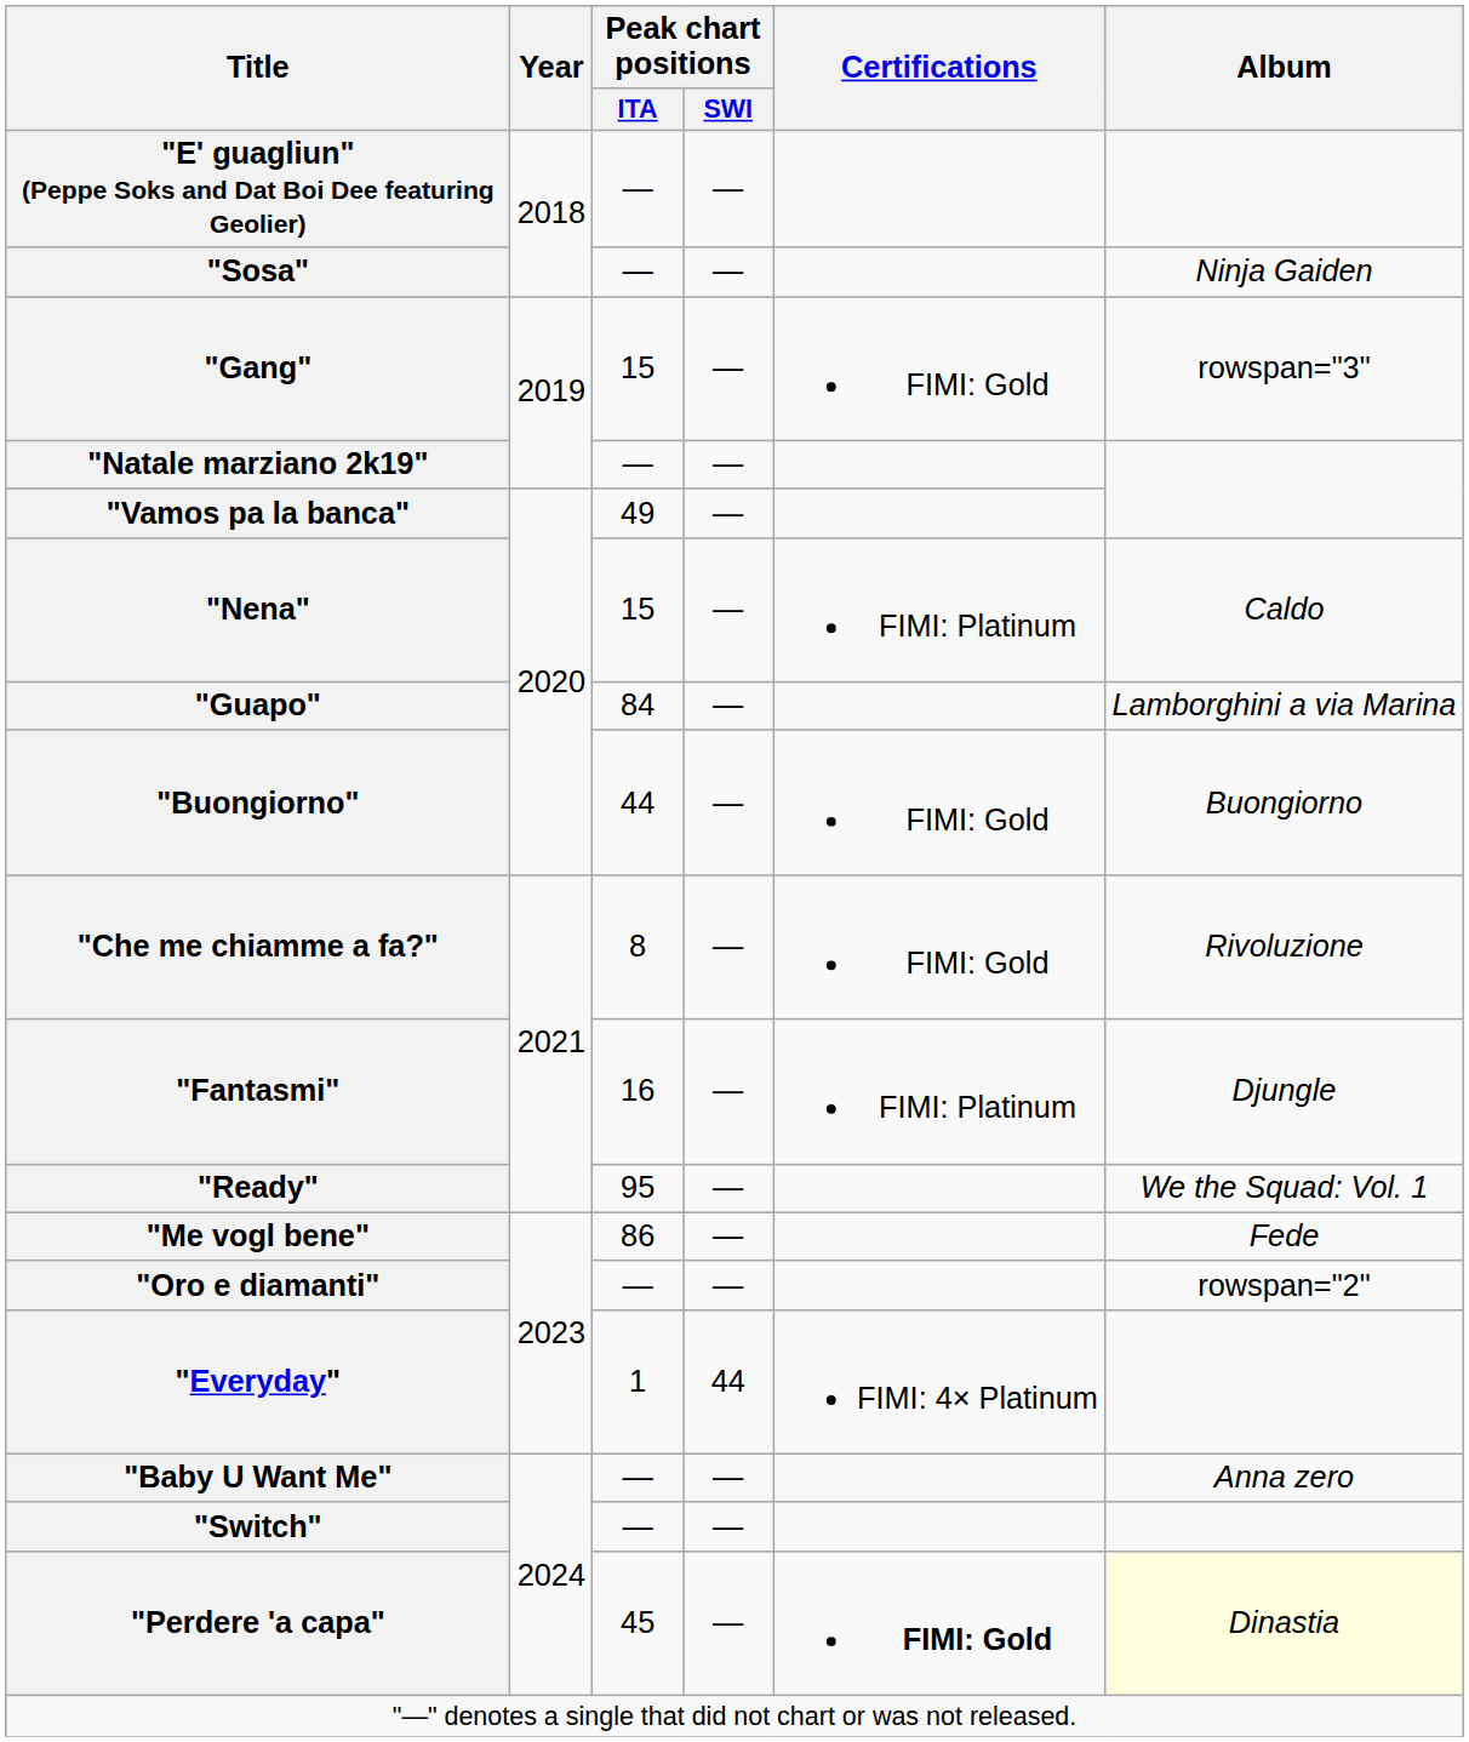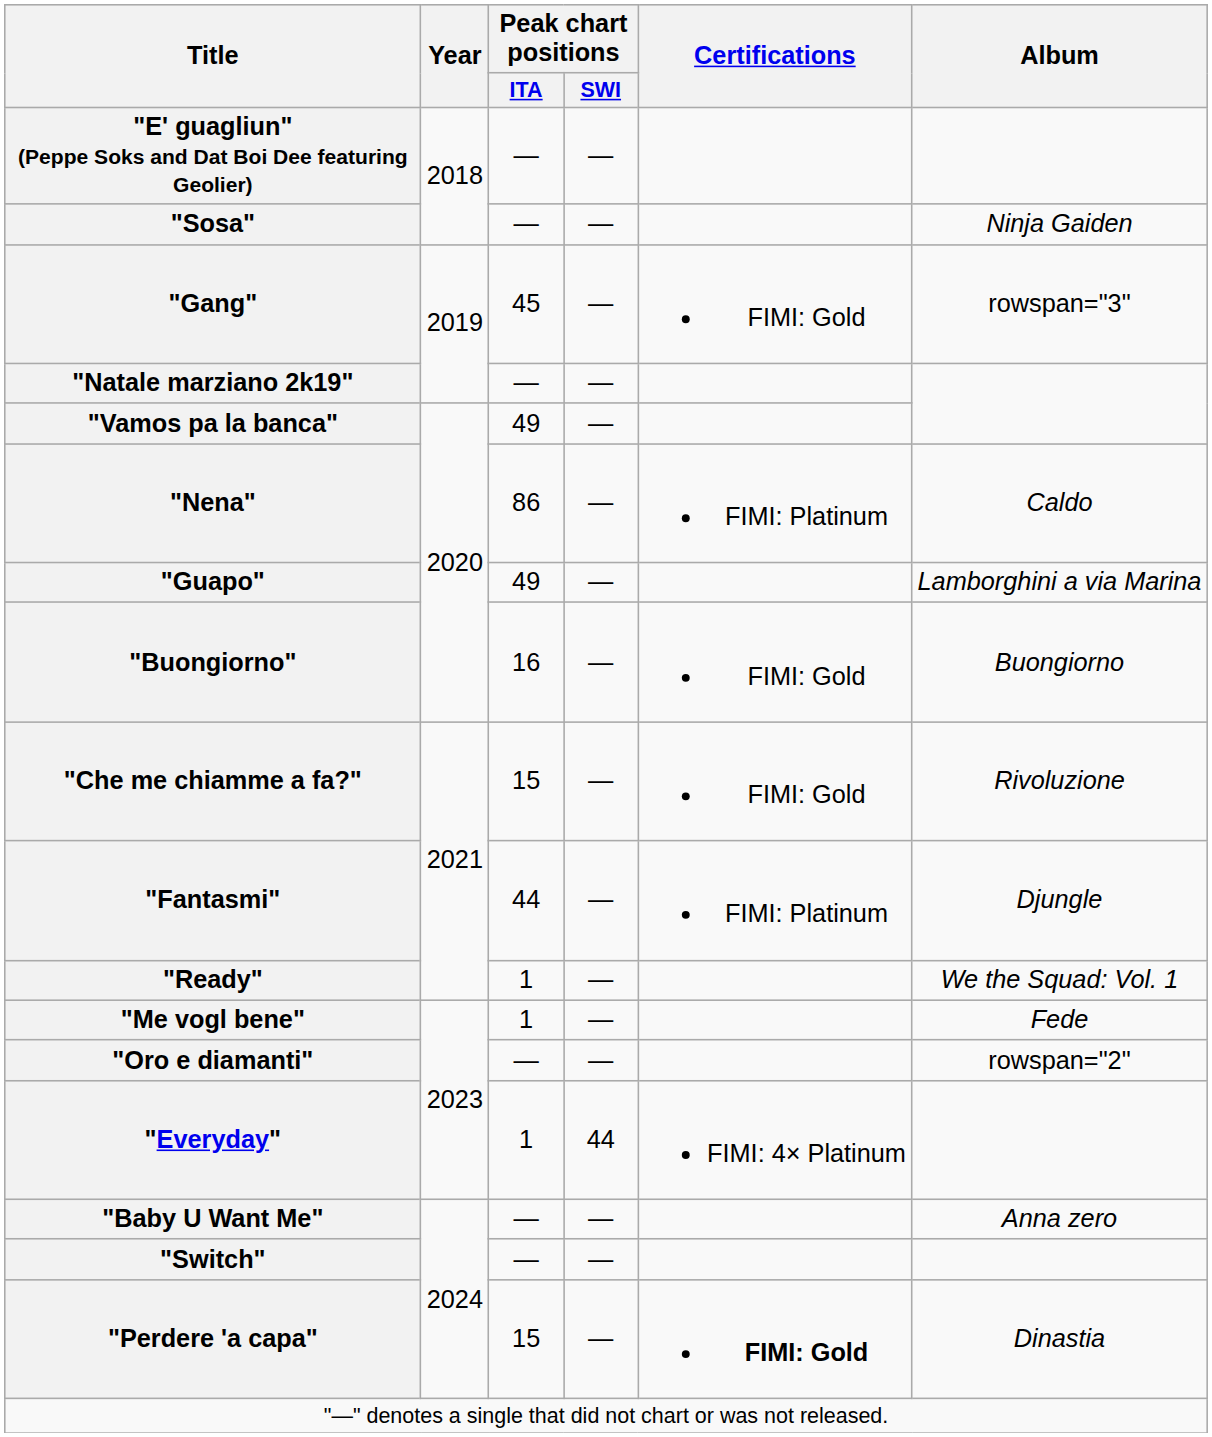 <table class="wikitable plainrowheaders" style="text-align:center;">
 <tr>
 <th scope="col" rowspan="2" style="width:16em;">Title</th>
 <th scope="col" rowspan="2" style="width:1em;">Year</th>
 <th scope="col" colspan="2">Peak chart positions</th>
 <th scope="col" rowspan="2"><a href='#'>Certifications</a></th>
 <th scope="col" rowspan="2">Album</th>
 </tr>
 <tr>
 <th scope="col" style="width:3em;font-size:85%;"><a href='#'>ITA</a><br></th>
 <th scope="col" style="width:3em;font-size:85%;"><a href='#'>SWI</a><br></th>
 </tr>
 <tr>
 <th scope="row">"E' guagliun"<br><small>(Peppe Soks and Dat Boi Dee featuring Geolier)</small></th>
 <td rowspan="2">2018</td>
 <td>—</td>
 <td>—</td>
 <td></td>
 <td></td>
 </tr>
 <tr>
 <th scope="row">"Sosa"<br></th>
 <td>—</td>
 <td>—</td>
 <td></td>
 <td><em>Ninja Gaiden</em></td>
 </tr>
 <tr>
 <th scope="row">"Gang"<br></th>
 <td rowspan="2">2019</td>
-<td>15</td>
+<td>45</td>
 <td>—</td>
 <td><br><ul><li>FIMI: Gold</li></ul></td>
 <td>rowspan="3" </td>
 </tr>
 <tr>
 <th scope="row">"Natale marziano 2k19"<br></th>
 <td>—</td>
 <td>—</td>
 <td></td>
 </tr>
 <tr>
 <th scope="row">"Vamos pa la banca"<br></th>
 <td rowspan="4">2020</td>
 <td>49</td>
 <td>—</td>
 <td></td>
 </tr>
 <tr>
 <th scope="row">"Nena"<br></th>
-<td>15</td>
+<td>86</td>
 <td>—</td>
 <td><br><ul><li>FIMI: Platinum</li></ul></td>
 <td><em>Caldo</em></td>
 </tr>
 <tr>
 <th scope="row">"Guapo"<br></th>
-<td>84</td>
+<td>49</td>
 <td>—</td>
 <td></td>
 <td><em>Lamborghini a via Marina</em></td>
 </tr>
 <tr>
 <th scope="row">"Buongiorno"<br></th>
-<td>44</td>
+<td>16</td>
 <td>—</td>
 <td><br><ul><li>FIMI: Gold</li></ul></td>
 <td><em>Buongiorno</em></td>
 </tr>
 <tr>
 <th scope="row">"Che me chiamme a fa?"<br></th>
 <td rowspan="3">2021</td>
-<td>8</td>
+<td>15</td>
 <td>—</td>
 <td><br><ul><li>FIMI: Gold</li></ul></td>
 <td><em>Rivoluzione</em></td>
 </tr>
 <tr>
 <th scope="row">"Fantasmi"<br></th>
-<td>16</td>
+<td>44</td>
 <td>—</td>
 <td><br><ul><li>FIMI: Platinum</li></ul></td>
 <td><em>Djungle</em></td>
 </tr>
 <tr>
 <th scope="row">"Ready"<br></th>
-<td>95</td>
+<td>1</td>
 <td>—</td>
 <td></td>
 <td><em>We the Squad: Vol. 1</em></td>
 </tr>
 <tr>
 <th scope="row">"Me vogl bene"<br></th>
 <td rowspan="3">2023</td>
-<td>86</td>
+<td>1</td>
 <td>—</td>
 <td></td>
 <td><em>Fede</em></td>
 </tr>
 <tr>
 <th scope="row">"Oro e diamanti"<br></th>
 <td>—</td>
 <td>—</td>
 <td></td>
 <td>rowspan="2" </td>
 </tr>
 <tr>
 <th scope="row">"<a href='#'>Everyday</a>"<br></th>
 <td>1</td>
 <td>44</td>
 <td><br><ul><li>FIMI: 4× Platinum</li></ul></td>
 </tr>
 <tr>
 <th scope="row">"Baby U Want Me"<br></th>
 <td rowspan="3">2024</td>
 <td>—</td>
 <td>—</td>
 <td></td>
 <td><em>Anna zero</em></td>
 </tr>
 <tr>
 <th scope="row">"Switch"<br></th>
 <td>—</td>
 <td>—</td>
 <td></td>
 <td></td>
 </tr>
 <tr>
 <th scope="row">"Perdere 'a capa"<br></th>
-<td>45</td>
+<td>15</td>
 <td>—</td>
 <td><strong><br><ul><li>FIMI: Gold</li></ul></strong></td>
-<td style="background: lightyellow;"><em>Dinastia</em></td>
+<td><em>Dinastia</em></td>
 </tr>
 <tr>
 <td colspan="7" style="font-size:85%;">"—" denotes a single that did not chart or was not released.</td>
 </tr>
 </table>
